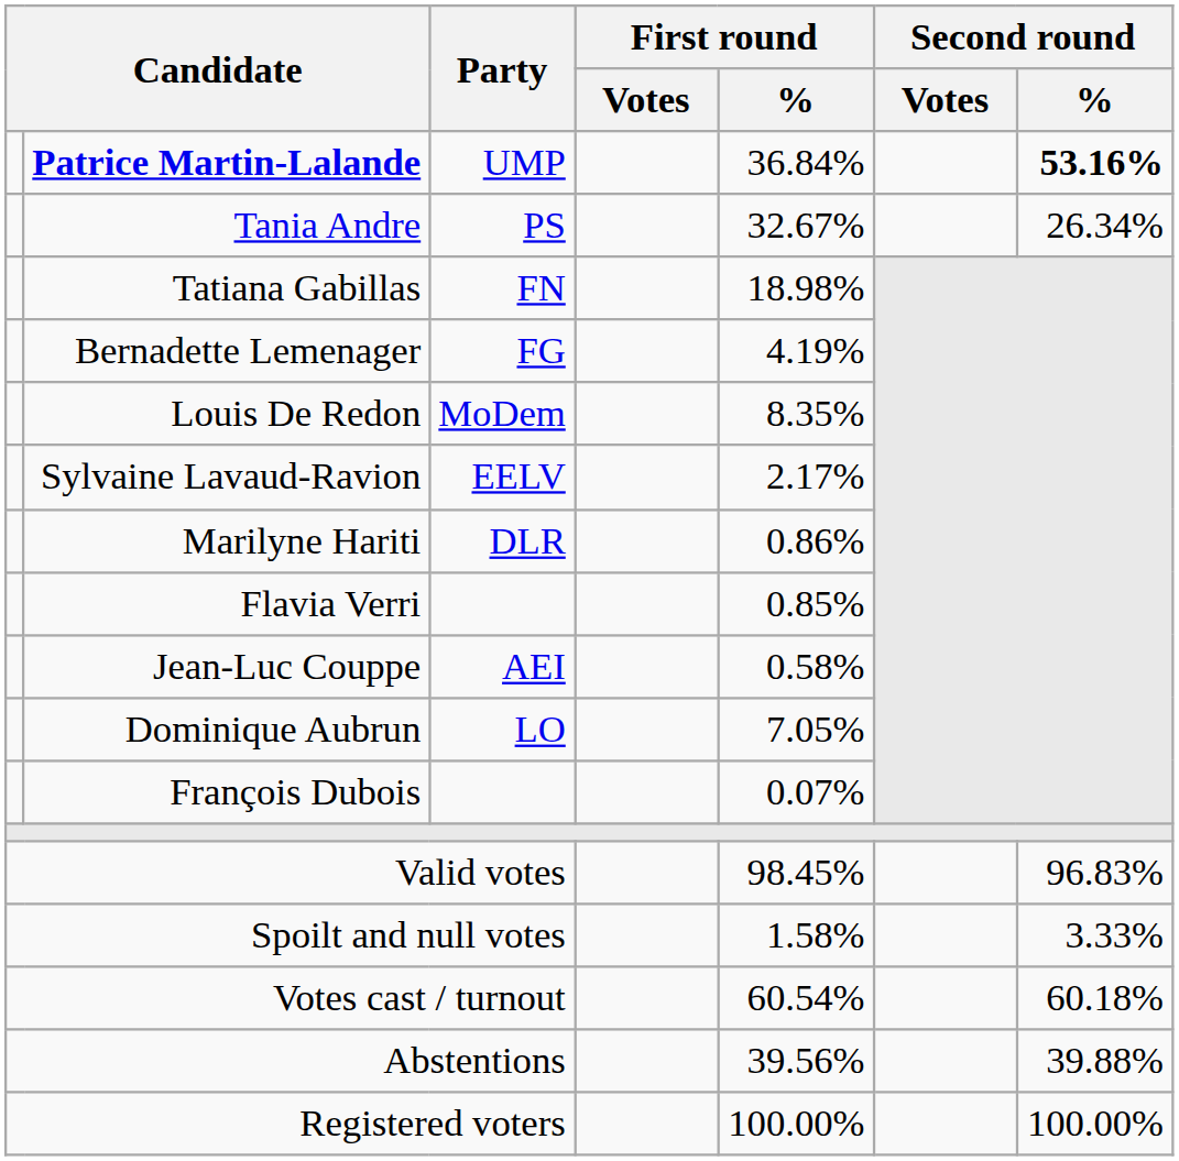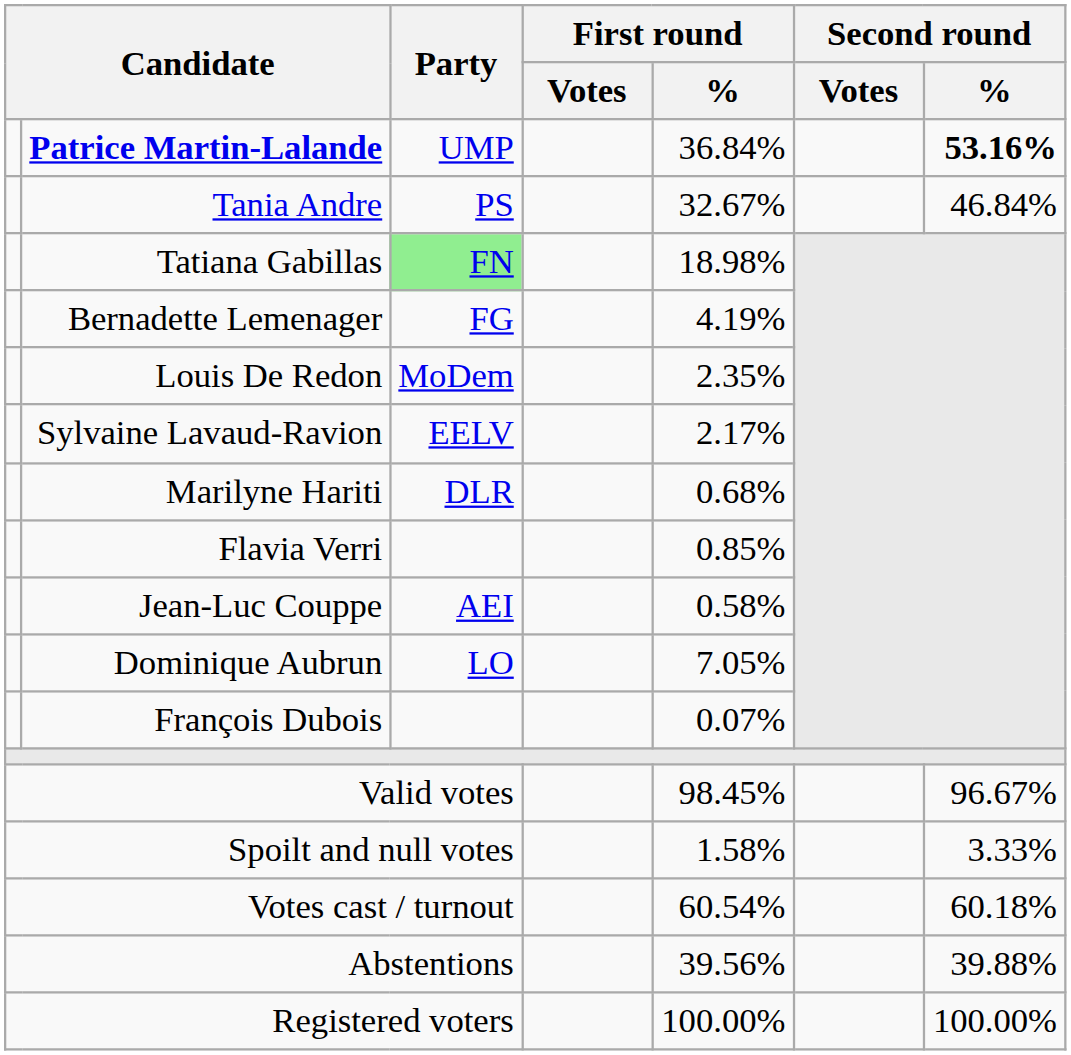 <table class="wikitable" style="text-align:right;font-size:95%;">
 <tr>
 <th rowspan=2 colspan=2>Candidate</th>
 <th rowspan=2 colspan=1>Party</th>
 <th colspan=2>First round</th>
 <th colspan=2>Second round</th>
 </tr>
 <tr>
 <th style="width:50px;">Votes</th>
 <th style="width:55px;">%</th>
 <th style="width:50px;">Votes</th>
 <th style="width:55px;">%</th>
 </tr>
 <tr>
 <td style="color:inherit;background-color:"></td>
 <td><strong><a href='#'>Patrice Martin-Lalande</a></strong></td>
 <td><a href='#'>UMP</a></td>
 <td></td>
 <td>36.84%</td>
 <td><strong></strong></td>
 <td><strong>53.16%</strong></td>
 </tr>
 <tr>
 <td style="color:inherit;background-color:"></td>
 <td><a href='#'>Tania Andre</a></td>
 <td><a href='#'>PS</a></td>
 <td></td>
 <td>32.67%</td>
 <td></td>
-<td>26.34%</td>
+<td>46.84%</td>
 </tr>
 <tr>
 <td style="color:inherit;background-color:"></td>
 <td>Tatiana Gabillas</td>
-<td><a href='#'>FN</a></td>
+<td style="background: lightgreen;"><a href='#'>FN</a></td>
 <td></td>
 <td>18.98%</td>
 <td colspan=7 rowspan=9 style="background-color:#E9E9E9;"></td>
 </tr>
 <tr>
 <td style="color:inherit;background-color:"></td>
 <td>Bernadette Lemenager</td>
 <td><a href='#'>FG</a></td>
 <td></td>
 <td>4.19%</td>
 </tr>
 <tr>
 <td style="color:inherit;background-color:"></td>
 <td>Louis De Redon</td>
 <td><a href='#'>MoDem</a></td>
 <td></td>
-<td>8.35%</td>
+<td>2.35%</td>
 </tr>
 <tr>
 <td style="color:inherit;background-color:"></td>
 <td>Sylvaine Lavaud-Ravion</td>
 <td><a href='#'>EELV</a></td>
 <td></td>
 <td>2.17%</td>
 </tr>
 <tr>
 <td style="color:inherit;background-color:"></td>
 <td>Marilyne Hariti</td>
 <td><a href='#'>DLR</a></td>
 <td></td>
-<td>0.86%</td>
+<td>0.68%</td>
 </tr>
 <tr>
 <td style="background-color:;"></td>
 <td>Flavia Verri</td>
 <td></td>
 <td></td>
 <td>0.85%</td>
 </tr>
 <tr>
 <td style="color:inherit;background-color:"></td>
 <td>Jean-Luc Couppe</td>
 <td><a href='#'>AEI</a></td>
 <td></td>
 <td>0.58%</td>
 </tr>
 <tr>
 <td style="color:inherit;background-color:"></td>
 <td>Dominique Aubrun</td>
 <td><a href='#'>LO</a></td>
 <td></td>
 <td>7.05%</td>
 </tr>
 <tr>
 <td style="background-color:;"></td>
 <td>François Dubois</td>
 <td></td>
 <td></td>
 <td>0.07%</td>
 </tr>
 <tr>
 <td colspan=7 style="background-color:#E9E9E9;"></td>
 </tr>
 <tr>
 <td colspan=3>Valid votes</td>
 <td></td>
 <td>98.45%</td>
 <td></td>
-<td>96.83%</td>
+<td>96.67%</td>
 </tr>
 <tr>
 <td colspan=3>Spoilt and null votes</td>
 <td></td>
 <td>1.58%</td>
 <td></td>
 <td>3.33%</td>
 </tr>
 <tr>
 <td colspan=3>Votes cast / turnout</td>
 <td></td>
 <td>60.54%</td>
 <td></td>
 <td>60.18%</td>
 </tr>
 <tr>
 <td colspan=3>Abstentions</td>
 <td></td>
 <td>39.56%</td>
 <td></td>
 <td>39.88%</td>
 </tr>
 <tr>
 <td colspan=3>Registered voters</td>
 <td></td>
 <td>100.00%</td>
 <td></td>
 <td>100.00%</td>
 </tr>
 </table>
